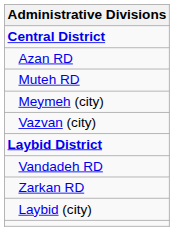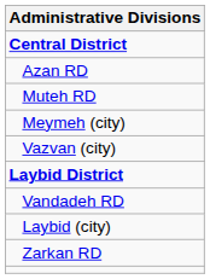 <table class="wikitable">
 <tr>
 <th>Administrative Divisions</th>
 </tr>
 <tr>
 <td><strong><a href='#'>Central District</a></strong></td>
 </tr>
 <tr>
 <td style="padding-left: 1em;"><a href='#'>Azan RD</a></td>
 </tr>
 <tr>
 <td style="padding-left: 1em;"><a href='#'>Muteh RD</a></td>
 </tr>
 <tr>
 <td style="padding-left: 1em;"><a href='#'>Meymeh</a> (city)</td>
 </tr>
 <tr>
 <td style="padding-left: 1em;"><a href='#'>Vazvan</a> (city)</td>
 </tr>
 <tr>
 <td><strong><a href='#'>Laybid District</a></strong></td>
 </tr>
 <tr>
 <td style="padding-left: 1em;"><a href='#'>Vandadeh RD</a></td>
 </tr>
 <tr>
-<td style="padding-left: 1em;"><a href='#'>Zarkan RD</a></td>
+<td style="padding-left: 1em;"><a href='#'>Laybid</a> (city)</td>
 </tr>
 <tr>
-<td style="padding-left: 1em;"><a href='#'>Laybid</a> (city)</td>
+<td style="padding-left: 1em;"><a href='#'>Zarkan RD</a></td>
 </tr>
 <tr>
 <td colspan=1></td>
 </tr>
 </table>
